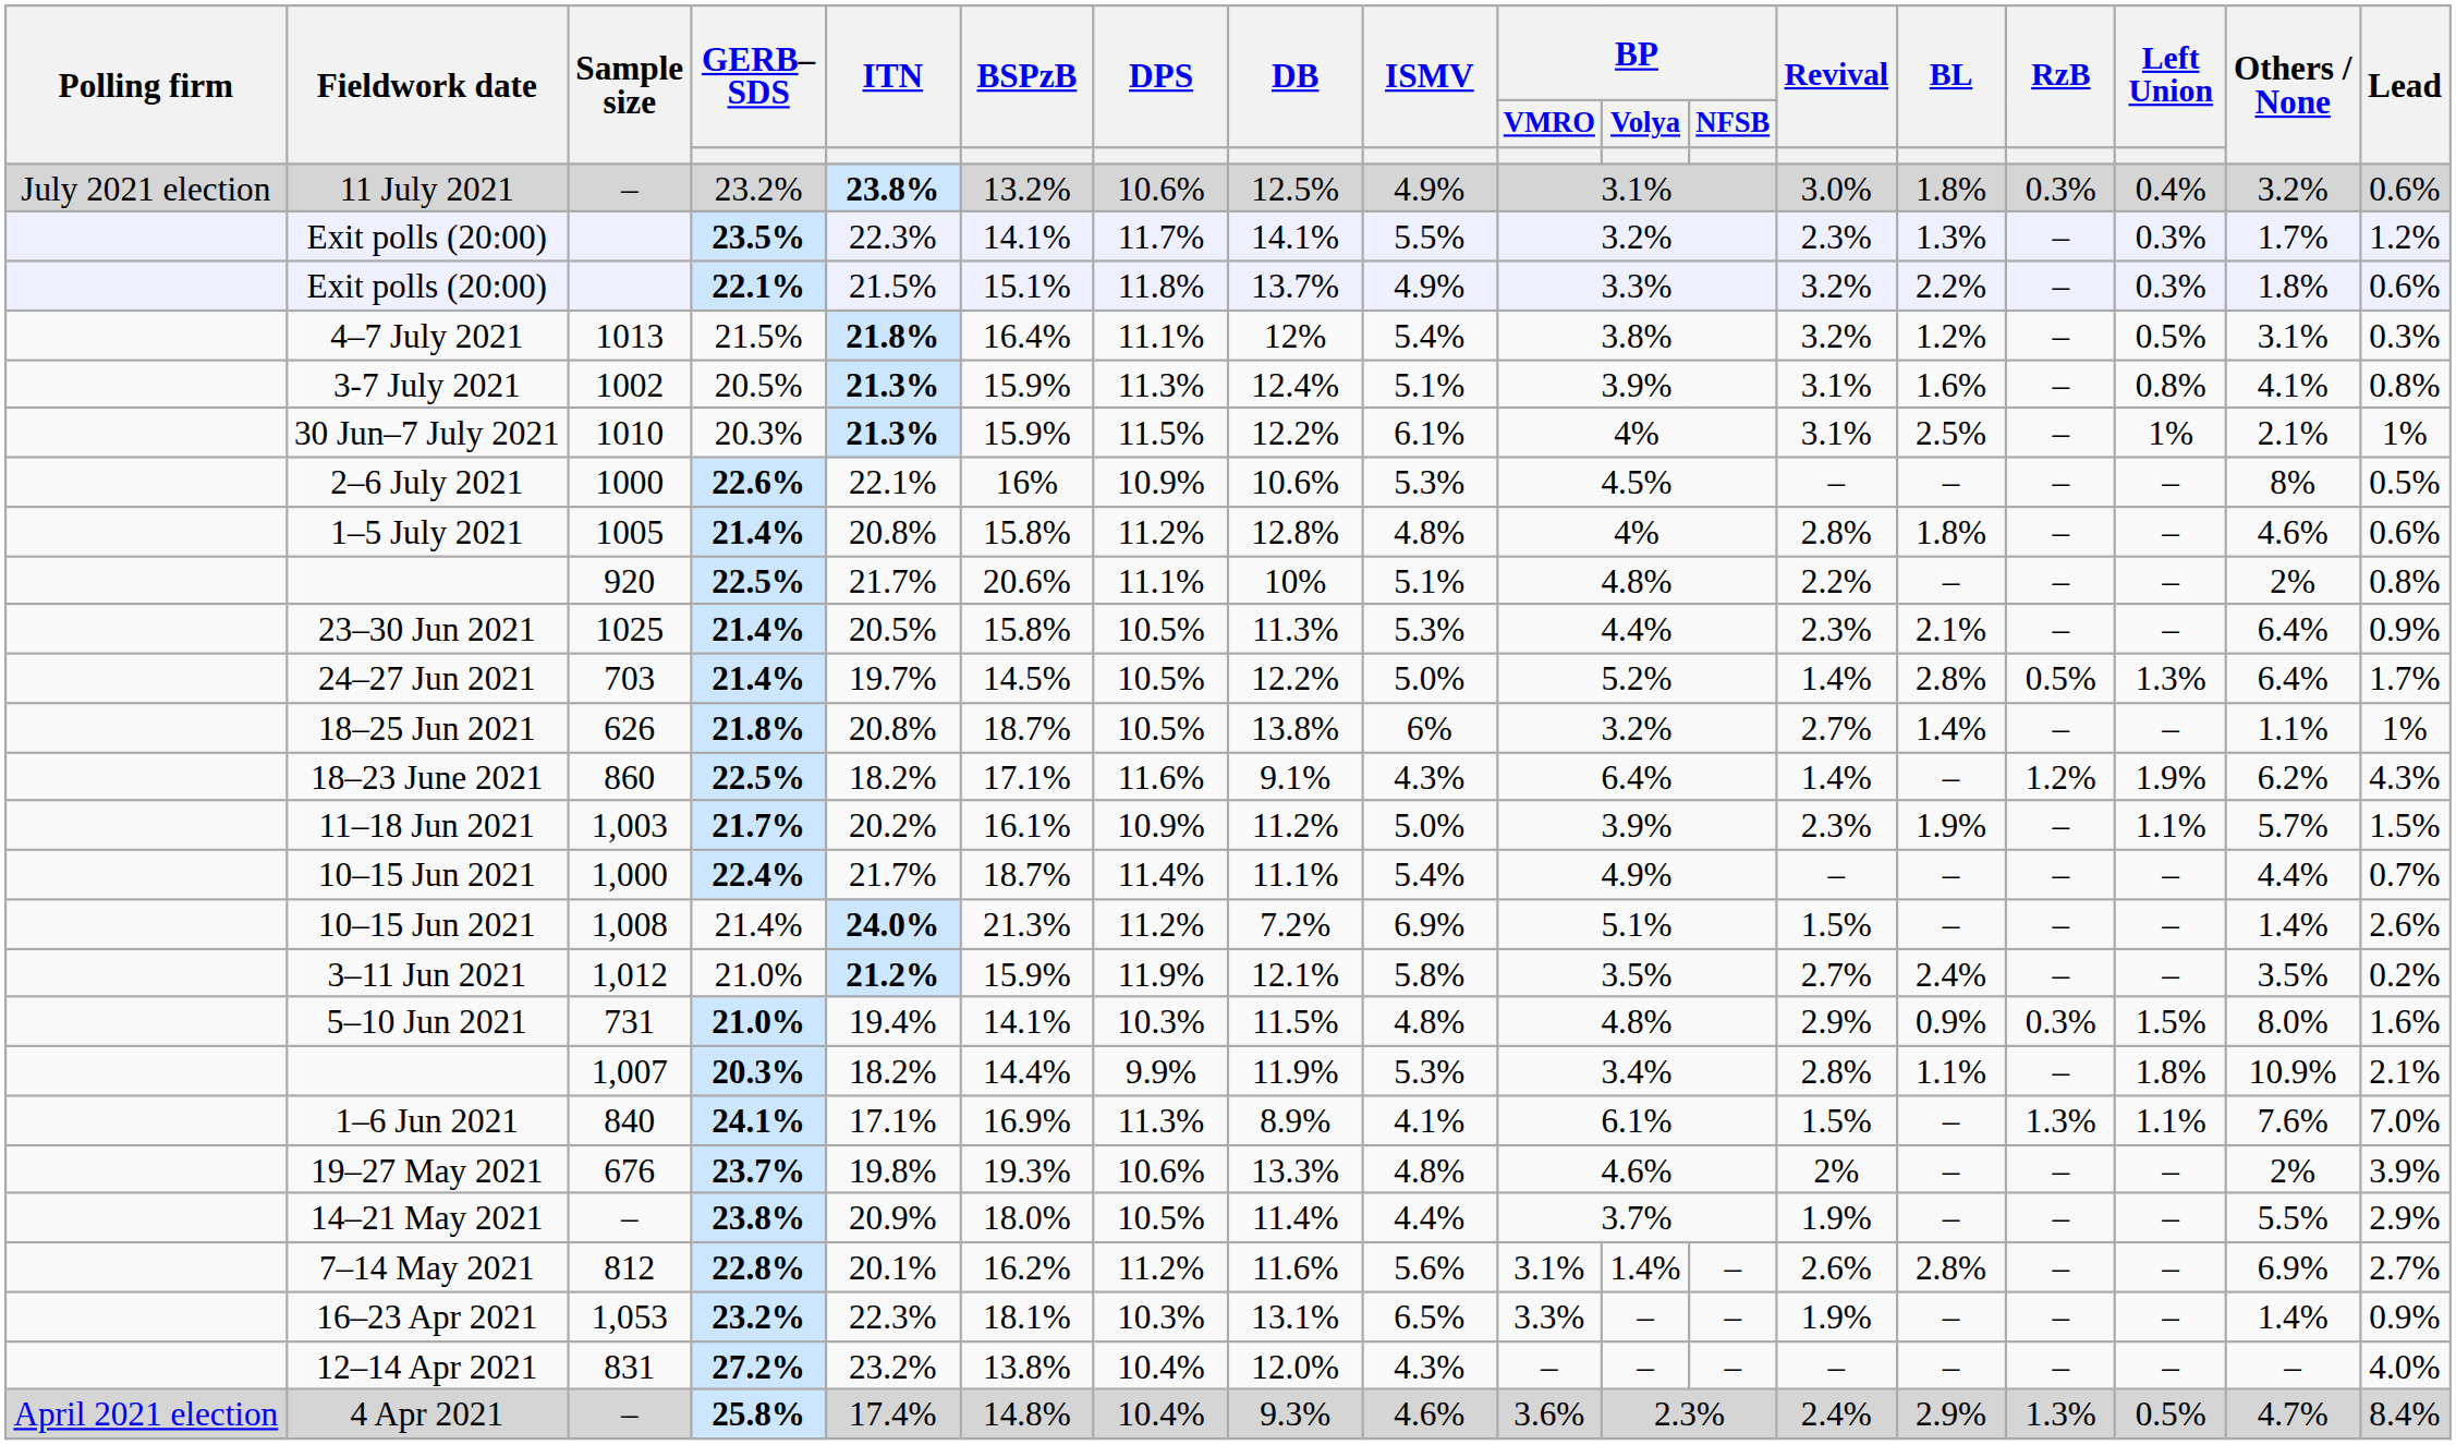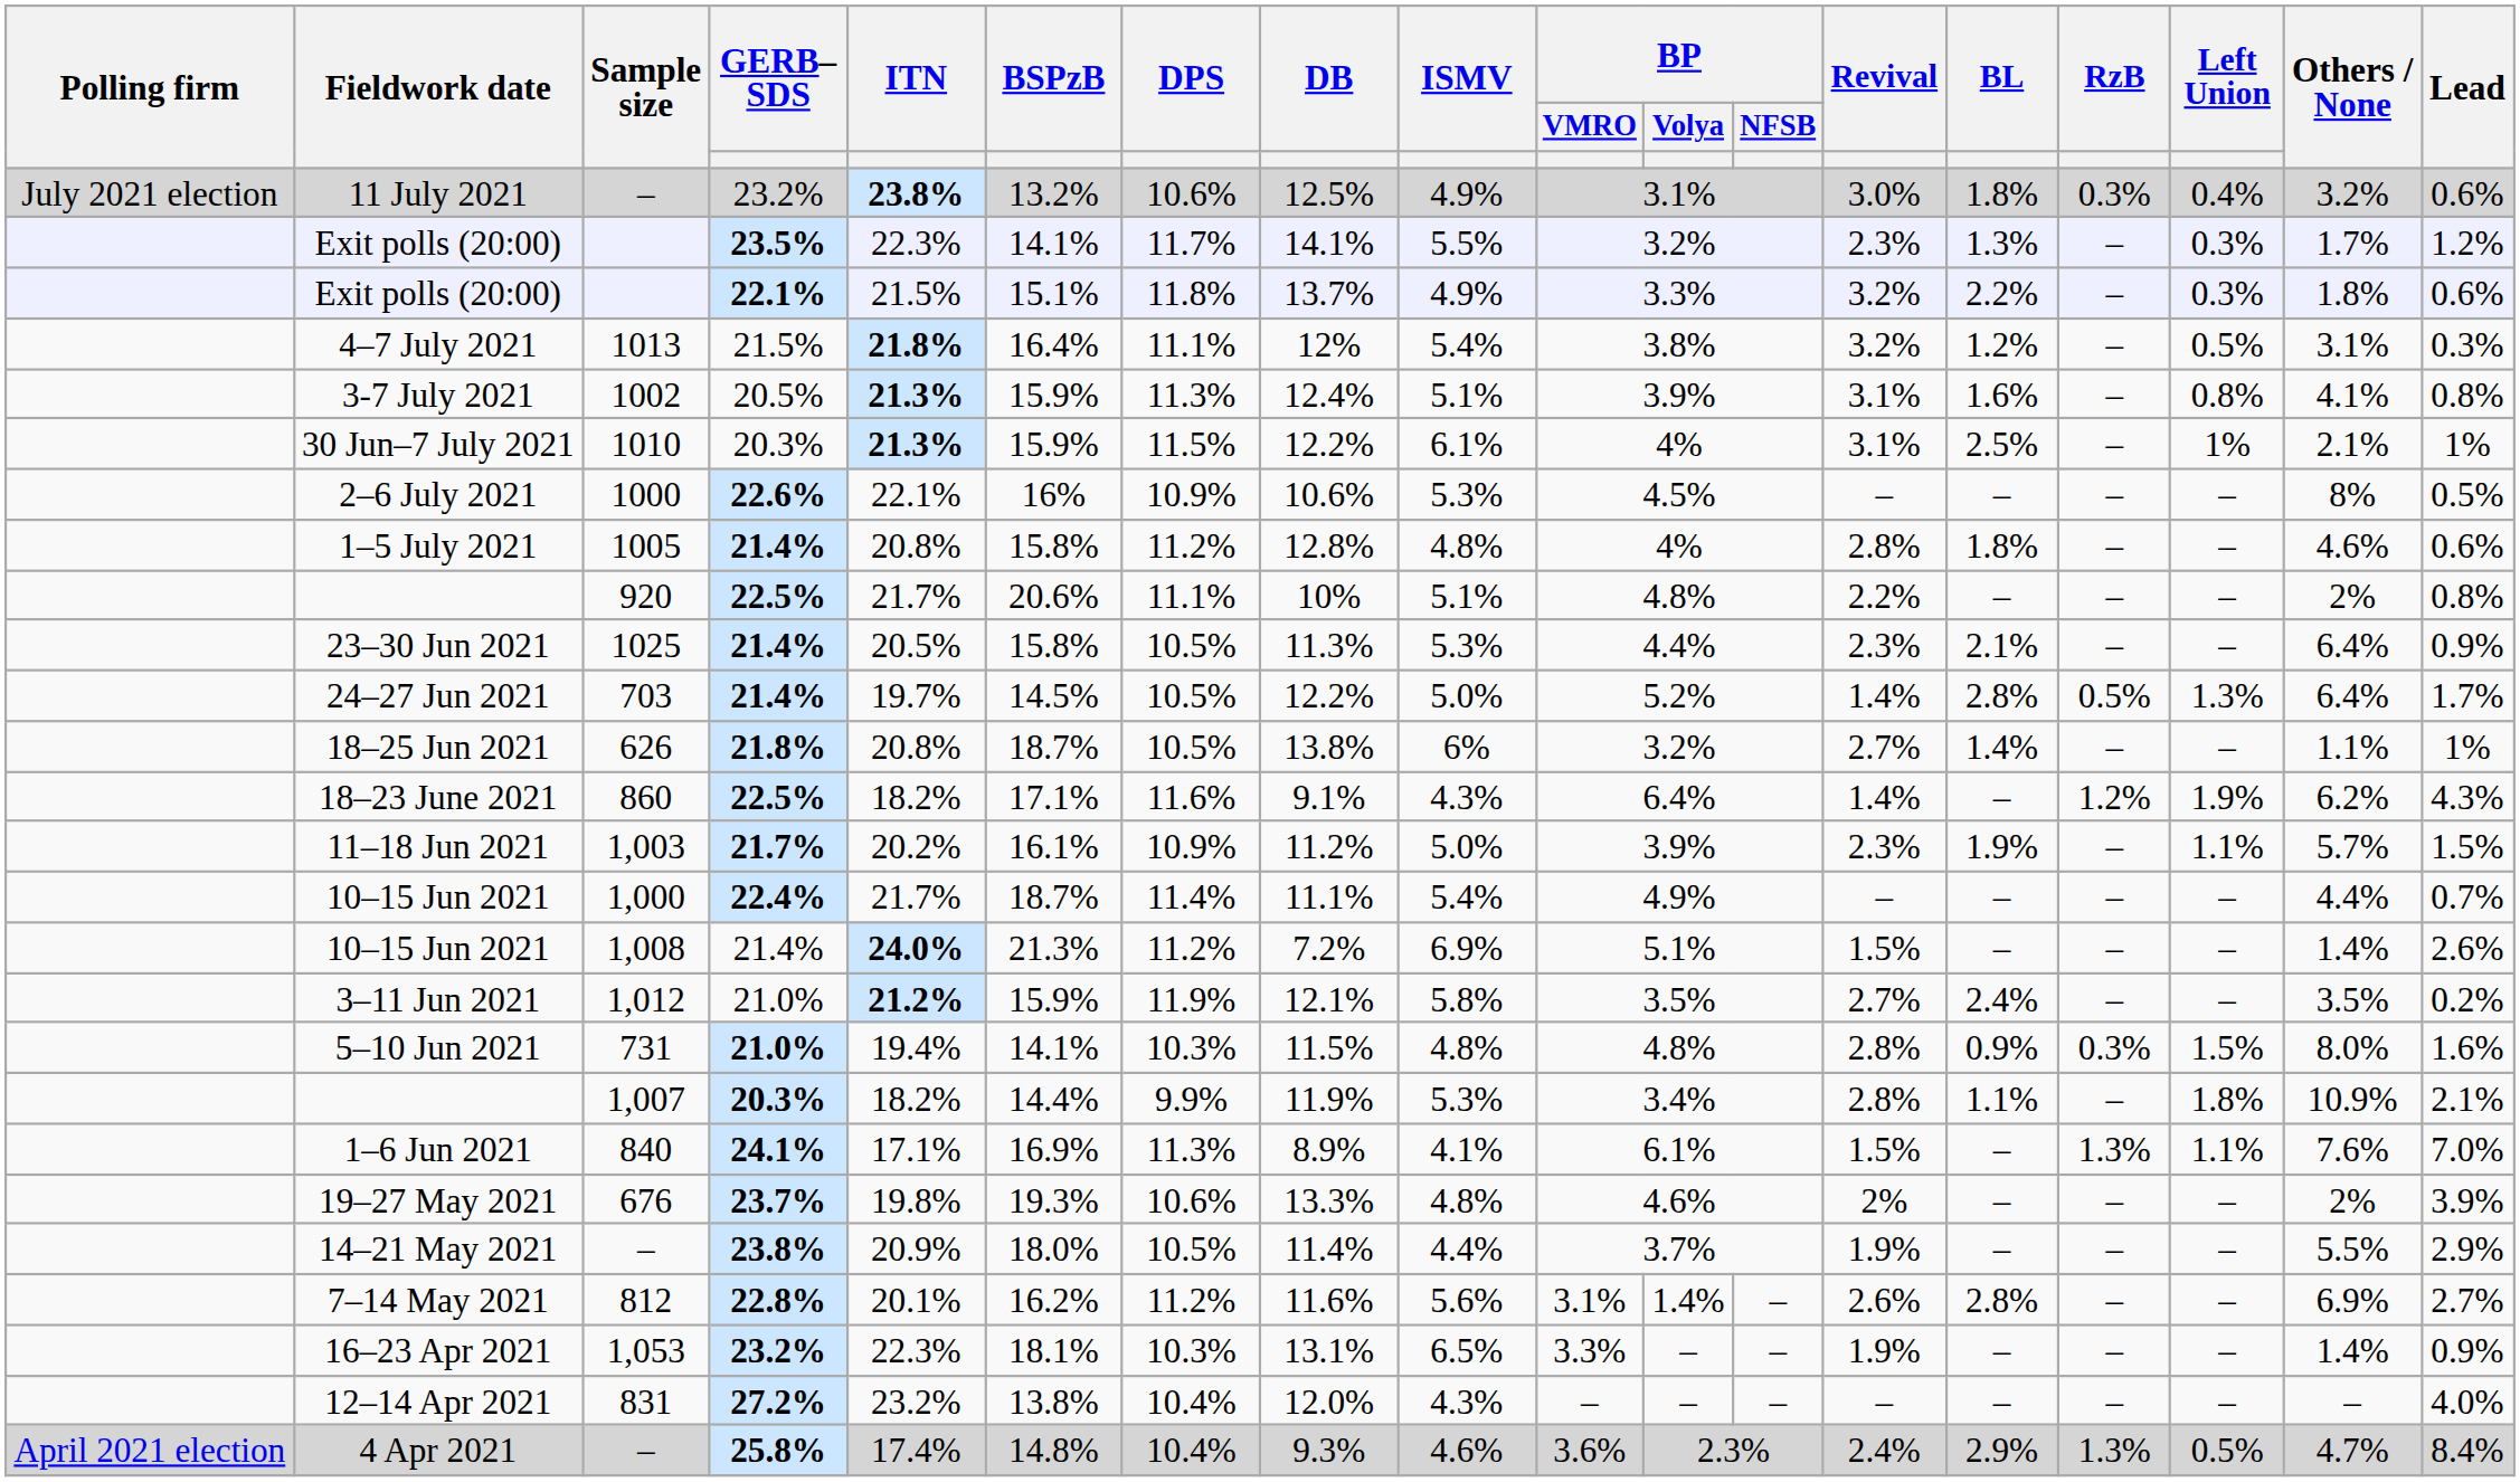 <table class="wikitable sortable" style="text-align:center;font-size:90%;line-height:14px;">
 <tr style="height:40px;">
 <th rowspan="3">Polling firm</th>
 <th rowspan="3">Fieldwork date</th>
 <th rowspan="3">Sample<br>size</th>
 <th rowspan="2" class="unsortable" style="width:50px;"><a href='#'>GERB</a>–<a href='#'>SDS</a></th>
 <th rowspan="2" class="unsortable" style="width:50px;"><a href='#'>ITN</a></th>
 <th rowspan="2" class="unsortable" style="width:50px;"><a href='#'>BSPzB</a></th>
 <th rowspan="2" class="unsortable" style="width:50px;"><a href='#'>DPS</a></th>
 <th rowspan="2" class="unsortable" style="width:50px;"><a href='#'>DB</a></th>
 <th rowspan="2" class="unsortable" style="width:50px;"><a href='#'>ISMV</a></th>
 <th colspan="3" class="unsortable" style="width:50px;"><a href='#'>BP</a></th>
 <th rowspan="2" class="unsortable" style="width:40px;font-size:95%;"><a href='#'>Revival</a></th>
 <th rowspan="2" class="unsortable" style="width:40px;font-size:95%;"><a href='#'>BL</a></th>
 <th rowspan="2" class="unsortable" style="width:40px;font-size:95%;"><a href='#'>RzB</a></th>
 <th rowspan="2" class="unsortable" style="width:40px;font-size:95%;"><a href='#'>Left Union</a></th>
 <th rowspan="3" class="unsortable" style="width:50px;">Others / <a href='#'>None</a></th>
 <th rowspan="3">Lead</th>
 </tr>
 <tr style="font-size:85%;">
 <th class="unsortable"><a href='#'>VMRO</a></th>
 <th class="unsortable"><a href='#'>Volya</a></th>
 <th class="unsortable"><a href='#'>NFSB</a></th>
 </tr>
 <tr>
 <th class="unsortable" style="color:inherit;background:"></th>
 <th class="unsortable" style="color:inherit;background:"></th>
 <th class="unsortable" style="color:inherit;background:"></th>
 <th class="unsortable" style="color:inherit;background:"></th>
 <th class="unsortable" style="color:inherit;background:"></th>
 <th class="unsortable" style="color:inherit;background:"></th>
 <th class="unsortable" style="color:inherit;background:"></th>
 <th class="unsortable" style="color:inherit;background:"></th>
 <th class="unsortable" style="color:inherit;background:"></th>
 <th class="unsortable" style="color:inherit;background:"></th>
 <th class="unsortable" style="color:inherit;background:"></th>
 <th class="unsortable" style="color:inherit;background:"></th>
 <th class="unsortable" style="color:inherit;background:"></th>
 </tr>
 <tr style="background:#D5D5D5;">
 <td>July 2021 election</td>
 <td>11 July 2021</td>
 <td>–</td>
 <td>23.2%</td>
 <td style="background:#CCE6FF"><strong>23.8%</strong></td>
 <td>13.2%</td>
 <td>10.6%</td>
 <td>12.5%</td>
 <td>4.9%</td>
 <td colspan="3">3.1%</td>
 <td>3.0%</td>
 <td>1.8%</td>
 <td>0.3%</td>
 <td>0.4%</td>
 <td>3.2%</td>
 <td style="background:">0.6%</td>
 </tr>
 <tr style="background:#EEEFFF"|>
 <td style="letter-spacing:-1px;"></td>
 <td data-sort-value="2021-07-11">Exit polls (20:00)</td>
 <td></td>
 <td style="background:#CCE6FF"><strong>23.5%</strong></td>
 <td>22.3%</td>
 <td>14.1%</td>
 <td>11.7%</td>
 <td>14.1%</td>
 <td>5.5%</td>
 <td colspan="3">3.2%</td>
 <td>2.3%</td>
 <td>1.3%</td>
 <td>–</td>
 <td>0.3%</td>
 <td>1.7%</td>
 <td style="background:">1.2%</td>
 </tr>
 <tr style="background:#EEEFFF"|>
 <td></td>
 <td data-sort-value="2021-07-11">Exit polls (20:00)</td>
 <td></td>
 <td style="background:#CCE6FF"><strong>22.1%</strong></td>
 <td>21.5%</td>
 <td>15.1%</td>
 <td>11.8%</td>
 <td>13.7%</td>
 <td>4.9%</td>
 <td colspan="3">3.3%</td>
 <td>3.2%</td>
 <td>2.2%</td>
 <td>–</td>
 <td>0.3%</td>
 <td>1.8%</td>
 <td style="background:">0.6%</td>
 </tr>
 <tr>
 <td></td>
 <td data-sort-value="2021-07-07">4–7 July 2021</td>
 <td>1013</td>
 <td>21.5%</td>
 <td style="background:#CCE6FF"><strong>21.8%</strong></td>
 <td>16.4%</td>
 <td>11.1%</td>
 <td>12%</td>
 <td>5.4%</td>
 <td colspan="3">3.8%</td>
 <td>3.2%</td>
 <td>1.2%</td>
 <td>–</td>
 <td>0.5%</td>
 <td>3.1%</td>
 <td style="background:">0.3%</td>
 </tr>
 <tr>
 <td></td>
 <td>3-7 July 2021</td>
 <td>1002</td>
 <td>20.5%</td>
 <td style="background:#CCE6FF"><strong>21.3%</strong></td>
 <td>15.9%</td>
 <td>11.3%</td>
 <td>12.4%</td>
 <td>5.1%</td>
 <td colspan="3">3.9%</td>
 <td>3.1%</td>
 <td>1.6%</td>
 <td>–</td>
 <td>0.8%</td>
 <td>4.1%</td>
 <td style="background:">0.8%</td>
 </tr>
 <tr>
 <td></td>
 <td data-sort-value="2021-07-07">30 Jun–7 July 2021</td>
 <td>1010</td>
 <td>20.3%</td>
 <td style="background:#CCE6FF"><strong>21.3%</strong></td>
 <td>15.9%</td>
 <td>11.5%</td>
 <td>12.2%</td>
 <td>6.1%</td>
 <td colspan="3">4%</td>
 <td>3.1%</td>
 <td>2.5%</td>
 <td>–</td>
 <td>1%</td>
 <td>2.1%</td>
 <td style="background:">1%</td>
 </tr>
 <tr>
 <td></td>
 <td data-sort-value="2021-07-06">2–6 July 2021</td>
 <td>1000</td>
 <td style="background:#CCE6FF"><strong>22.6%</strong></td>
 <td>22.1%</td>
 <td>16%</td>
 <td>10.9%</td>
 <td>10.6%</td>
 <td>5.3%</td>
 <td colspan="3">4.5%</td>
 <td>–</td>
 <td>–</td>
 <td>–</td>
 <td>–</td>
 <td>8%</td>
 <td style="background:">0.5%</td>
 </tr>
 <tr>
 <td></td>
 <td data-sort-value="2021-07-05">1–5 July 2021</td>
 <td>1005</td>
 <td style="background:#CCE6FF"><strong>21.4%</strong></td>
 <td>20.8%</td>
 <td>15.8%</td>
 <td>11.2%</td>
 <td>12.8%</td>
 <td>4.8%</td>
 <td colspan="3">4%</td>
 <td>2.8%</td>
 <td>1.8%</td>
 <td>–</td>
 <td>–</td>
 <td>4.6%</td>
 <td style="background:">0.6%</td>
 </tr>
 <tr>
 <td></td>
 <td data-sort-value="2021-07-02"></td>
 <td>920</td>
 <td style="background:#CCE6FF"><strong>22.5%</strong></td>
 <td>21.7%</td>
 <td>20.6%</td>
 <td>11.1%</td>
 <td>10%</td>
 <td>5.1%</td>
 <td colspan="3">4.8%</td>
 <td>2.2%</td>
 <td>–</td>
 <td>–</td>
 <td>–</td>
 <td>2%</td>
 <td style="background:">0.8%</td>
 </tr>
 <tr>
 <td></td>
 <td data-sort-value="2021-06-30">23–30 Jun 2021</td>
 <td>1025</td>
 <td style="background:#CCE6FF"><strong>21.4%</strong></td>
 <td>20.5%</td>
 <td>15.8%</td>
 <td>10.5%</td>
 <td>11.3%</td>
 <td>5.3%</td>
 <td colspan="3">4.4%</td>
 <td>2.3%</td>
 <td>2.1%</td>
 <td>–</td>
 <td>–</td>
 <td>6.4%</td>
 <td style="background:">0.9%</td>
 </tr>
 <tr>
 <td></td>
 <td data-sort-value="2021-06-27">24–27 Jun 2021</td>
 <td>703</td>
 <td style="background:#CCE6FF"><strong>21.4%</strong></td>
 <td>19.7%</td>
 <td>14.5%</td>
 <td>10.5%</td>
 <td>12.2%</td>
 <td>5.0%</td>
 <td colspan="3">5.2%</td>
 <td>1.4%</td>
 <td>2.8%</td>
 <td>0.5%</td>
 <td>1.3%</td>
 <td>6.4%</td>
 <td style="background:">1.7%</td>
 </tr>
 <tr>
 <td></td>
 <td data-sort-value="2021-06-25">18–25 Jun 2021</td>
 <td>626</td>
 <td style="background:#CCE6FF"><strong>21.8%</strong></td>
 <td>20.8%</td>
 <td>18.7%</td>
 <td>10.5%</td>
 <td>13.8%</td>
 <td>6%</td>
 <td colspan="3">3.2%</td>
 <td>2.7%</td>
 <td>1.4%</td>
 <td>–</td>
 <td>–</td>
 <td>1.1%</td>
 <td style="background:">1%</td>
 </tr>
 <tr>
 <td></td>
 <td data-sort-value="2021-06-23">18–23 June 2021</td>
 <td>860</td>
 <td style="background:#CCE6FF"><strong>22.5%</strong></td>
 <td>18.2%</td>
 <td>17.1%</td>
 <td>11.6%</td>
 <td>9.1%</td>
 <td>4.3%</td>
 <td colspan="3">6.4%</td>
 <td>1.4%</td>
 <td>–</td>
 <td>1.2%</td>
 <td>1.9%</td>
 <td>6.2%</td>
 <td style="background:">4.3%</td>
 </tr>
 <tr>
 <td></td>
 <td data-sort-value="2021-06-18">11–18 Jun 2021</td>
 <td>1,003</td>
 <td style="background:#CCE6FF"><strong>21.7%</strong></td>
 <td>20.2%</td>
 <td>16.1%</td>
 <td>10.9%</td>
 <td>11.2%</td>
 <td>5.0%</td>
 <td colspan="3">3.9%</td>
 <td>2.3%</td>
 <td>1.9%</td>
 <td>–</td>
 <td>1.1%</td>
 <td>5.7%</td>
 <td style="background:">1.5%</td>
 </tr>
 <tr>
 <td></td>
 <td data-sort-value="2021-06-15">10–15 Jun 2021</td>
 <td>1,000</td>
 <td style="background:#CCE6FF"><strong>22.4%</strong></td>
 <td>21.7%</td>
 <td>18.7%</td>
 <td>11.4%</td>
 <td>11.1%</td>
 <td>5.4%</td>
 <td colspan="3">4.9%</td>
 <td>–</td>
 <td>–</td>
 <td>–</td>
 <td>–</td>
 <td>4.4%</td>
 <td style="background:">0.7%</td>
 </tr>
 <tr>
 <td></td>
 <td data-sort-value="2021-06-15">10–15 Jun 2021</td>
 <td>1,008</td>
 <td>21.4%</td>
 <td style="background:#CCE6FF"><strong>24.0%</strong></td>
 <td>21.3%</td>
 <td>11.2%</td>
 <td>7.2%</td>
 <td>6.9%</td>
 <td colspan="3">5.1%</td>
 <td>1.5%</td>
 <td>–</td>
 <td>–</td>
 <td>–</td>
 <td>1.4%</td>
 <td style="background:">2.6%</td>
 </tr>
 <tr>
 <td></td>
 <td data-sort-value="2021-06-14">3–11 Jun 2021</td>
 <td>1,012</td>
 <td>21.0%</td>
 <td style="background:#CCE6FF"><strong>21.2%</strong></td>
 <td>15.9%</td>
 <td>11.9%</td>
 <td>12.1%</td>
 <td>5.8%</td>
 <td colspan="3">3.5%</td>
 <td>2.7%</td>
 <td>2.4%</td>
 <td>–</td>
 <td>–</td>
 <td>3.5%</td>
 <td style="background:">0.2%</td>
 </tr>
 <tr>
 <td></td>
 <td data-sort-value="2021-06-10">5–10 Jun 2021</td>
 <td>731</td>
 <td style="background:#CCE6FF"><strong>21.0%</strong></td>
 <td>19.4%</td>
 <td>14.1%</td>
 <td>10.3%</td>
 <td>11.5%</td>
 <td>4.8%</td>
 <td colspan="3">4.8%</td>
-<td>2.9%</td>
+<td>2.8%</td>
 <td>0.9%</td>
 <td>0.3%</td>
 <td>1.5%</td>
 <td>8.0%</td>
 <td style="background:">1.6%</td>
 </tr>
 <tr>
 <td></td>
 <td data-sort-value="2021-06-07"></td>
 <td>1,007</td>
 <td style="background:#CCE6FF"><strong>20.3%</strong></td>
 <td>18.2%</td>
 <td>14.4%</td>
 <td>9.9%</td>
 <td>11.9%</td>
 <td>5.3%</td>
 <td colspan="3">3.4%</td>
 <td>2.8%</td>
 <td>1.1%</td>
 <td>–</td>
 <td>1.8%</td>
 <td>10.9%</td>
 <td style="background:">2.1%</td>
 </tr>
 <tr>
 <td></td>
 <td data-sort-value="2021-06-01">1–6 Jun 2021</td>
 <td>840</td>
 <td style="background:#CCE6FF"><strong>24.1%</strong></td>
 <td>17.1%</td>
 <td>16.9%</td>
 <td>11.3%</td>
 <td>8.9%</td>
 <td>4.1%</td>
 <td colspan="3">6.1%</td>
 <td>1.5%</td>
 <td>–</td>
 <td>1.3%</td>
 <td>1.1%</td>
 <td>7.6%</td>
 <td style="background:">7.0%</td>
 </tr>
 <tr>
 <td></td>
 <td data-sort-value="2021-05-27">19–27 May 2021</td>
 <td>676</td>
 <td style="background:#CCE6FF"><strong>23.7%</strong></td>
 <td>19.8%</td>
 <td>19.3%</td>
 <td>10.6%</td>
 <td>13.3%</td>
 <td>4.8%</td>
 <td colspan="3">4.6%</td>
 <td>2%</td>
 <td>–</td>
 <td>–</td>
 <td>–</td>
 <td>2%</td>
 <td style="background:">3.9%</td>
 </tr>
 <tr>
 <td></td>
 <td data-sort-value="2021-05-21">14–21 May 2021</td>
 <td>–</td>
 <td style="background:#CCE6FF"><strong>23.8%</strong></td>
 <td>20.9%</td>
 <td>18.0%</td>
 <td>10.5%</td>
 <td>11.4%</td>
 <td>4.4%</td>
 <td colspan="3">3.7%</td>
 <td>1.9%</td>
 <td>–</td>
 <td>–</td>
 <td>–</td>
 <td>5.5%</td>
 <td style="background:">2.9%</td>
 </tr>
 <tr>
 <td></td>
 <td data-sort-value="2021-05-14">7–14 May 2021</td>
 <td>812</td>
 <td style="background:#CCE6FF"><strong>22.8%</strong></td>
 <td>20.1%</td>
 <td>16.2%</td>
 <td>11.2%</td>
 <td>11.6%</td>
 <td>5.6%</td>
 <td>3.1%</td>
 <td>1.4%</td>
 <td>–</td>
 <td>2.6%</td>
 <td>2.8%</td>
 <td>–</td>
 <td>–</td>
 <td>6.9%</td>
 <td style="background:">2.7%</td>
 </tr>
 <tr>
 <td></td>
 <td data-sort-value="2021-04-23">16–23 Apr 2021</td>
 <td>1,053</td>
 <td style="background:#CCE6FF"><strong>23.2%</strong></td>
 <td>22.3%</td>
 <td>18.1%</td>
 <td>10.3%</td>
 <td>13.1%</td>
 <td>6.5%</td>
 <td>3.3%</td>
 <td>–</td>
 <td>–</td>
 <td>1.9%</td>
 <td>–</td>
 <td>–</td>
 <td>–</td>
 <td>1.4%</td>
 <td style="background:">0.9%</td>
 </tr>
 <tr>
 <td></td>
 <td data-sort-value="2021-04-14">12–14 Apr 2021</td>
 <td>831</td>
 <td style="background:#CCE6FF"><strong>27.2%</strong></td>
 <td>23.2%</td>
 <td>13.8%</td>
 <td>10.4%</td>
 <td>12.0%</td>
 <td>4.3%</td>
 <td>–</td>
 <td>–</td>
 <td>–</td>
 <td>–</td>
 <td>–</td>
 <td>–</td>
 <td>–</td>
 <td>–</td>
 <td style="background:">4.0%</td>
 </tr>
 <tr style="background:#D5D5D5;">
 <td><a href='#'>April 2021 election</a></td>
 <td data-sort-value="2021-04-04">4 Apr 2021</td>
 <td>–</td>
 <td style="background:#CCE6FF"><strong>25.8%</strong></td>
 <td>17.4%</td>
 <td>14.8%</td>
 <td>10.4%</td>
 <td>9.3%</td>
 <td>4.6%</td>
 <td>3.6%</td>
 <td colspan="2">2.3%</td>
 <td>2.4%</td>
 <td>2.9%</td>
 <td>1.3%</td>
 <td>0.5%</td>
 <td>4.7%</td>
 <td style="background:">8.4%</td>
 </tr>
 </table>
